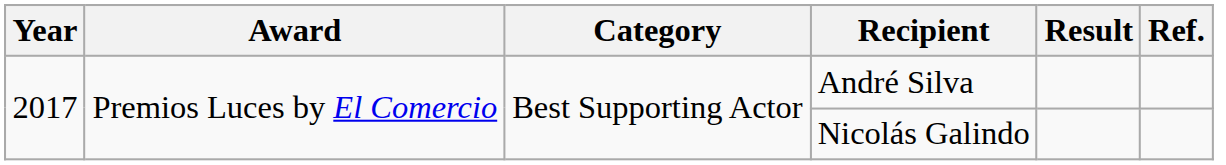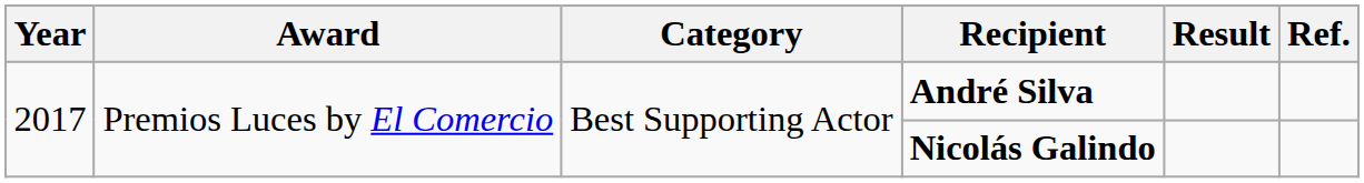 <table class="wikitable">
 <tr>
 <th>Year</th>
 <th>Award</th>
 <th>Category</th>
 <th>Recipient</th>
 <th>Result</th>
 <th>Ref.</th>
 </tr>
 <tr>
 <td rowspan="2">2017</td>
 <td rowspan="2">Premios Luces by <em><a href='#'>El Comercio</a></em></td>
 <td rowspan="2">Best Supporting Actor</td>
-<td>André Silva</td>
+<td><strong>André Silva</strong></td>
 <td></td>
 <td></td>
 </tr>
 <tr>
-<td>Nicolás Galindo</td>
+<td><strong>Nicolás Galindo</strong></td>
 <td></td>
 <td></td>
 </tr>
 </table>
